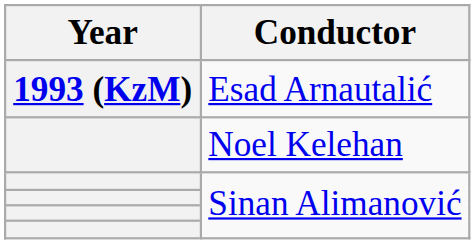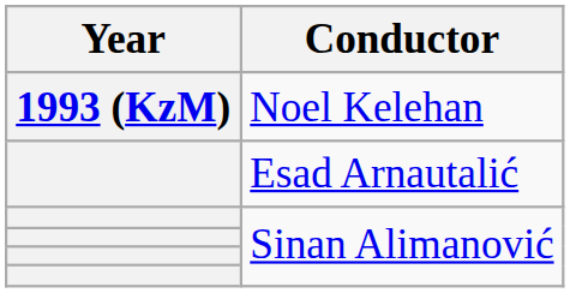 <table class="wikitable plainrowheaders">
 <tr>
 <th>Year</th>
 <th>Conductor</th>
 </tr>
 <tr>
 <th scope="row"><a href='#'>1993</a> (<a href='#'>KzM</a>)</th>
-<td><a href='#'>Esad Arnautalić</a></td>
+<td> <a href='#'>Noel Kelehan</a></td>
 </tr>
 <tr>
 <th scope="row"></th>
-<td> <a href='#'>Noel Kelehan</a></td>
+<td><a href='#'>Esad Arnautalić</a></td>
 </tr>
 <tr>
 <th scope="row"></th>
 <td rowspan="4"><a href='#'>Sinan Alimanović</a></td>
 </tr>
 <tr>
 <th scope="row"></th>
 </tr>
 <tr>
 <th scope="row"></th>
 </tr>
 <tr>
 <th scope="row"></th>
 </tr>
 </table>
